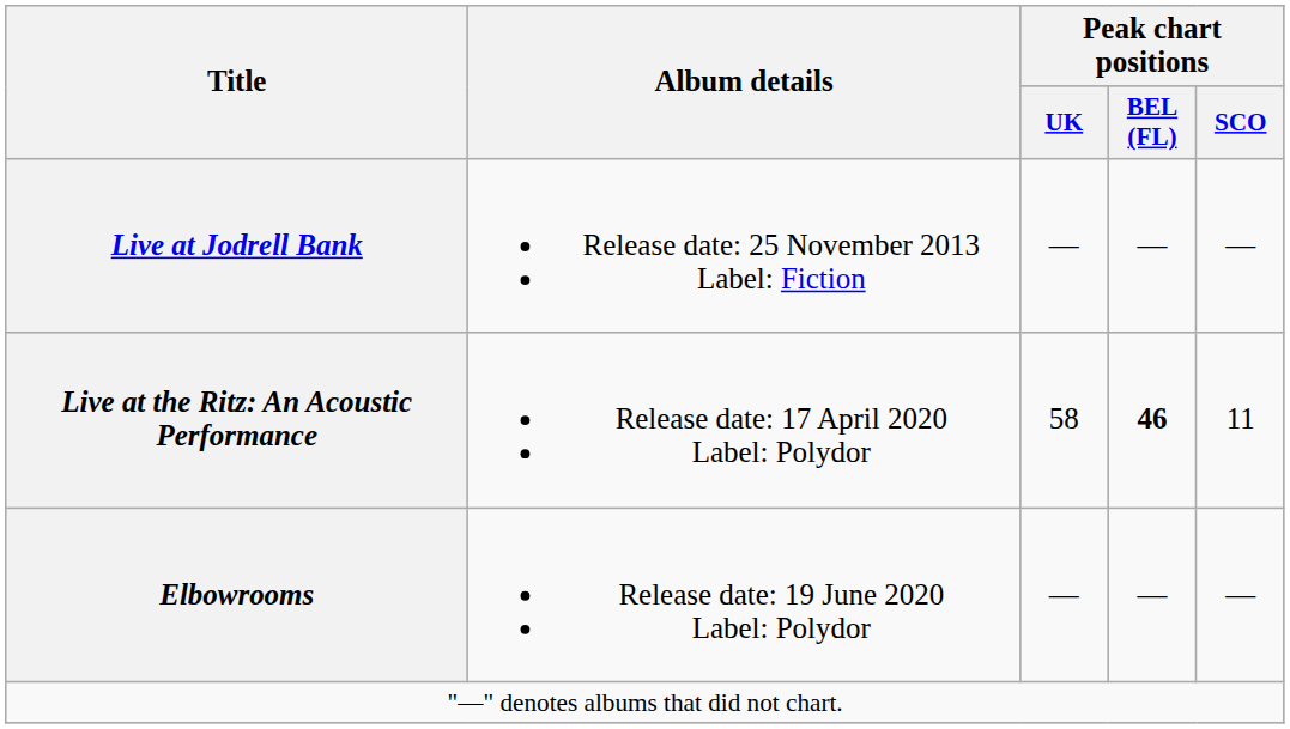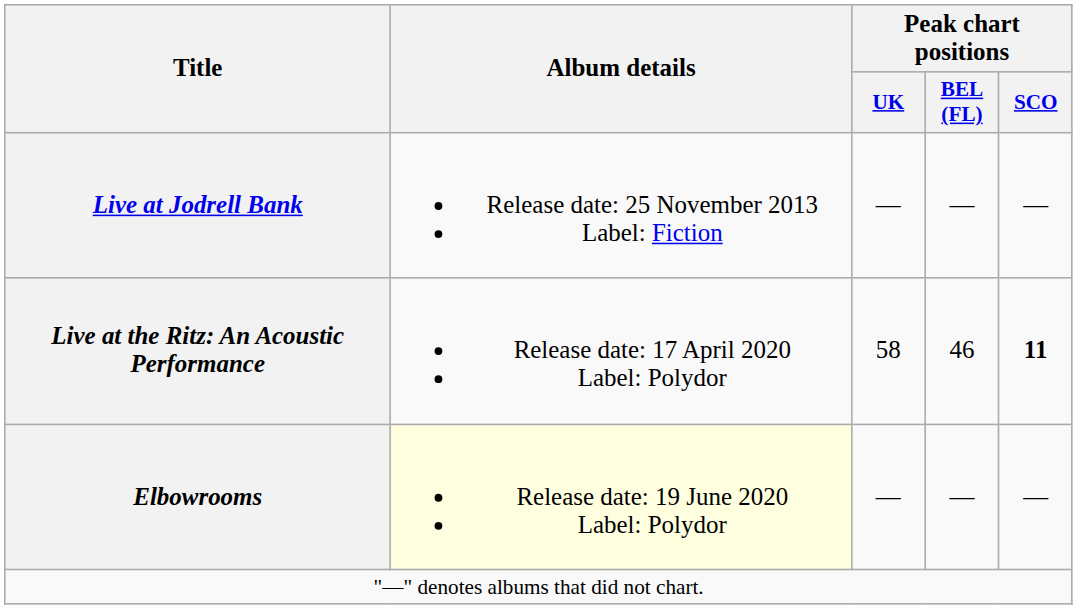 <table class="wikitable plainrowheaders" style="text-align:center;">
 <tr>
 <th scope="col" rowspan="2" style="width:15em;">Title</th>
 <th scope="col" rowspan="2" style="width:18em;">Album details</th>
 <th scope="col" colspan="3">Peak chart positions</th>
 </tr>
 <tr>
 <th scope="col" style="width:3em;font-size:85%;"><a href='#'>UK</a><br></th>
 <th scope="col" style="width:3em;font-size:85%;"><a href='#'>BEL<br>(FL)</a><br></th>
 <th scope="col" style="width:3em;font-size:85%;"><a href='#'>SCO</a><br></th>
 </tr>
 <tr>
 <th scope="row"><em><a href='#'>Live at Jodrell Bank</a></em></th>
 <td><br><ul><li>Release date: 25 November 2013</li><li>Label: <a href='#'>Fiction</a></li></ul></td>
 <td>—</td>
 <td>—</td>
 <td>—</td>
 </tr>
 <tr>
 <th scope="row"><em>Live at the Ritz: An Acoustic Performance</em></th>
 <td><br><ul><li>Release date: 17 April 2020</li><li>Label: Polydor</li></ul></td>
 <td>58</td>
-<td><strong>46</strong></td>
-<td>11</td>
+<td>46</td>
+<td><strong>11</strong></td>
 </tr>
 <tr>
 <th scope="row"><em>Elbowrooms</em></th>
-<td><br><ul><li>Release date: 19 June 2020</li><li>Label: Polydor</li></ul></td>
+<td style="background: lightyellow;"><br><ul><li>Release date: 19 June 2020</li><li>Label: Polydor</li></ul></td>
 <td>—</td>
 <td>—</td>
 <td>—</td>
 </tr>
 <tr>
 <td colspan="14" style="text-align:center; font-size:85%;">"—" denotes albums that did not chart.</td>
 </tr>
 </table>
